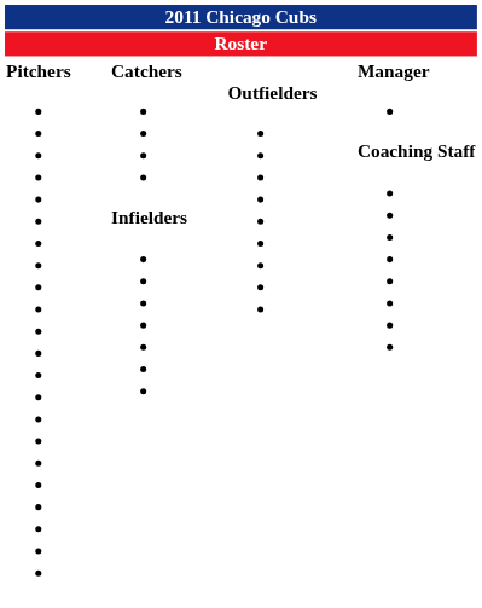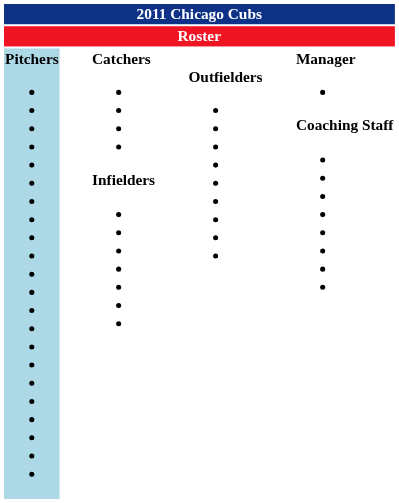 <table class="toccolours" style="font-size: 95%;">
 <tr>
 <th colspan=10 style="background-color: #0e3386; color: white; text-align: center;">2011 Chicago Cubs</th>
 </tr>
 <tr>
 <td colspan=10 style="background-color: #EE1422; color: white; text-align: center;"><strong>Roster</strong></td>
 </tr>
 <tr>
-<td valign="top"><strong>Pitchers</strong><br><ul><li></li><li></li><li></li><li></li><li></li><li></li><li></li><li></li><li></li><li></li><li></li><li></li><li></li><li></li><li></li><li></li><li></li><li></li><li></li><li></li><li></li><li></li></ul></td>
+<td valign="top" style="background: lightblue;"><strong>Pitchers</strong><br><ul><li></li><li></li><li></li><li></li><li></li><li></li><li></li><li></li><li></li><li></li><li></li><li></li><li></li><li></li><li></li><li></li><li></li><li></li><li></li><li></li><li></li><li></li></ul></td>
 <td width="25px"></td>
 <td valign="top"><strong>Catchers</strong><br><ul><li></li><li></li><li></li><li></li></ul><strong>Infielders</strong><ul><li></li><li></li><li></li><li></li><li></li><li></li><li></li></ul></td>
 <td width="25px"></td>
 <td valign="top"><br><strong>Outfielders</strong><ul><li></li><li></li><li></li><li></li><li></li><li></li><li></li><li></li><li></li></ul></td>
 <td width="25px"></td>
 <td valign="top"><strong>Manager</strong><br><ul><li></li></ul><strong>Coaching Staff</strong><ul><li> </li><li> </li><li> </li><li> </li><li> </li><li> </li><li> </li><li> </li></ul></td>
 </tr>
 <tr>
 </tr>
 </table>
